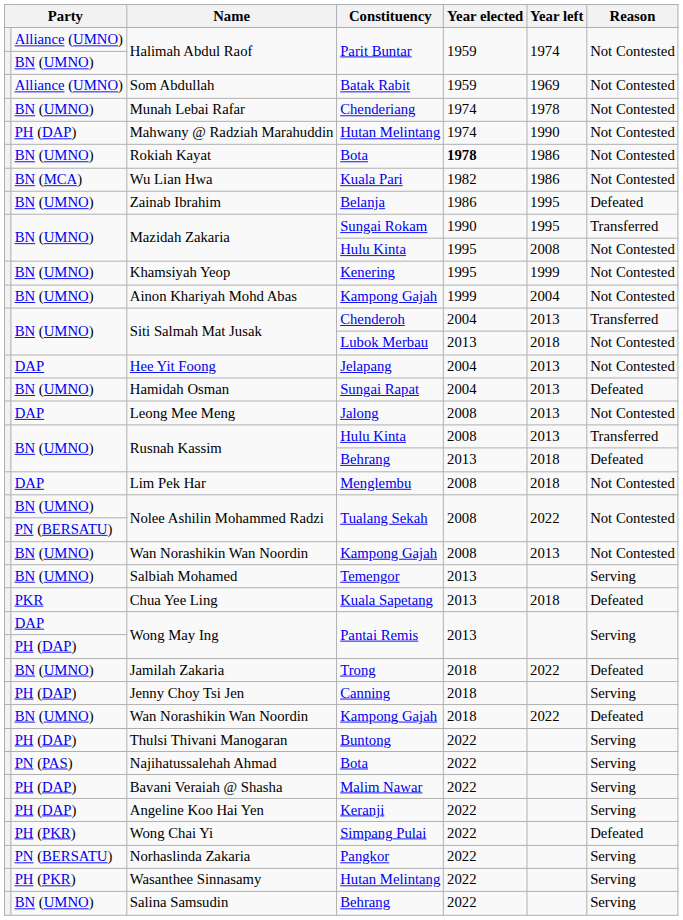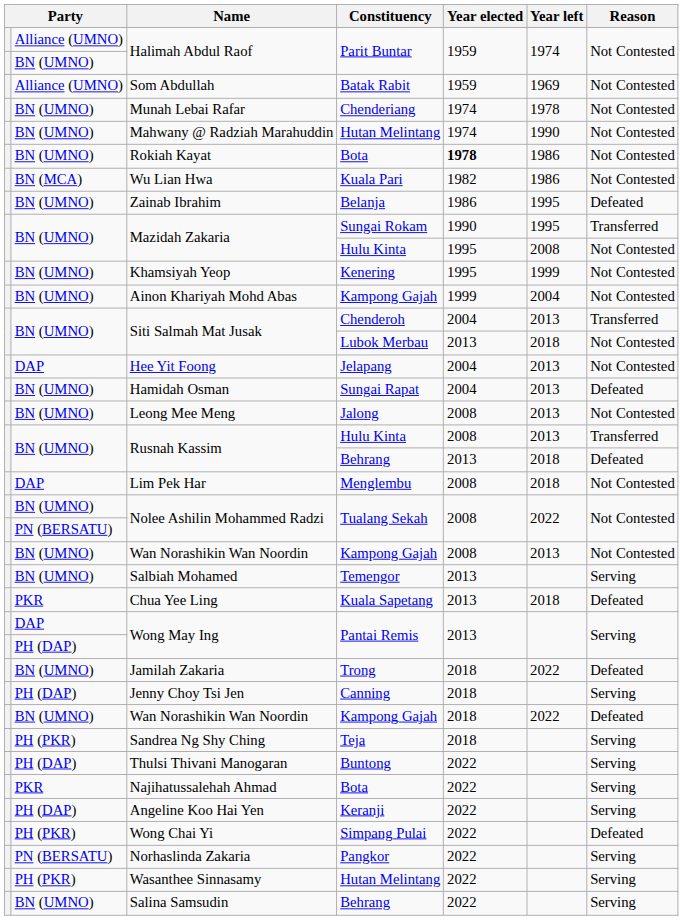 <table class="wikitable sortable">
 <tr>
 <th colspan=2>Party</th>
 <th>Name</th>
 <th>Constituency</th>
 <th>Year elected</th>
 <th>Year left</th>
 <th>Reason</th>
 </tr>
 <tr>
 <th style="background-color: "></th>
 <td><a href='#'>Alliance</a> (<a href='#'>UMNO</a>)</td>
 <td rowspan=2>Halimah Abdul Raof</td>
 <td rowspan=2><a href='#'>Parit Buntar</a></td>
 <td rowspan=2>1959</td>
 <td rowspan=2>1974</td>
 <td rowspan=2>Not Contested</td>
 </tr>
 <tr>
 <th style="background-color: "></th>
 <td><a href='#'>BN</a> (<a href='#'>UMNO</a>)</td>
 </tr>
 <tr>
 <th style="background-color: "></th>
 <td><a href='#'>Alliance</a> (<a href='#'>UMNO</a>)</td>
 <td>Som Abdullah</td>
 <td><a href='#'>Batak Rabit</a></td>
 <td>1959</td>
 <td>1969</td>
 <td>Not Contested</td>
 </tr>
 <tr>
 <th style="background-color: "></th>
 <td><a href='#'>BN</a> (<a href='#'>UMNO</a>)</td>
 <td>Munah Lebai Rafar</td>
 <td><a href='#'>Chenderiang</a></td>
 <td>1974</td>
 <td>1978</td>
 <td>Not Contested</td>
 </tr>
 <tr>
 <th style="background-color: "></th>
-<td><a href='#'>PH</a> (<a href='#'>DAP</a>)</td>
+<td><a href='#'>BN</a> (<a href='#'>UMNO</a>)</td>
 <td>Mahwany @ Radziah Marahuddin</td>
 <td><a href='#'>Hutan Melintang</a></td>
 <td>1974</td>
 <td>1990</td>
 <td>Not Contested</td>
 </tr>
 <tr>
 <th style="background-color: "></th>
 <td><a href='#'>BN</a> (<a href='#'>UMNO</a>)</td>
 <td>Rokiah Kayat</td>
 <td><a href='#'>Bota</a></td>
 <td><strong>1978</strong></td>
 <td>1986</td>
 <td>Not Contested</td>
 </tr>
 <tr>
 <th style="background-color: "></th>
 <td><a href='#'>BN</a> (<a href='#'>MCA</a>)</td>
 <td>Wu Lian Hwa</td>
 <td><a href='#'>Kuala Pari</a></td>
 <td>1982</td>
 <td>1986</td>
 <td>Not Contested</td>
 </tr>
 <tr>
 <th style="background-color: "></th>
 <td><a href='#'>BN</a> (<a href='#'>UMNO</a>)</td>
 <td>Zainab Ibrahim</td>
 <td><a href='#'>Belanja</a></td>
 <td>1986</td>
 <td>1995</td>
 <td>Defeated</td>
 </tr>
 <tr>
 <th rowspan=2 style="background-color: "></th>
 <td rowspan=2><a href='#'>BN</a> (<a href='#'>UMNO</a>)</td>
 <td rowspan=2>Mazidah Zakaria</td>
 <td><a href='#'>Sungai Rokam</a></td>
 <td>1990</td>
 <td>1995</td>
 <td>Transferred</td>
 </tr>
 <tr>
 <td><a href='#'>Hulu Kinta</a></td>
 <td>1995</td>
 <td>2008</td>
 <td>Not Contested</td>
 </tr>
 <tr>
 <th style="background-color: "></th>
 <td><a href='#'>BN</a> (<a href='#'>UMNO</a>)</td>
 <td>Khamsiyah Yeop</td>
 <td><a href='#'>Kenering</a></td>
 <td>1995</td>
 <td>1999</td>
 <td>Not Contested</td>
 </tr>
 <tr>
 <th style="background-color: "></th>
 <td><a href='#'>BN</a> (<a href='#'>UMNO</a>)</td>
 <td>Ainon Khariyah Mohd Abas</td>
 <td><a href='#'>Kampong Gajah</a></td>
 <td>1999</td>
 <td>2004</td>
 <td>Not Contested</td>
 </tr>
 <tr>
 <th rowspan=2 style="background-color: "></th>
 <td rowspan=2><a href='#'>BN</a> (<a href='#'>UMNO</a>)</td>
 <td rowspan=2>Siti Salmah Mat Jusak</td>
 <td><a href='#'>Chenderoh</a></td>
 <td>2004</td>
 <td>2013</td>
 <td>Transferred</td>
 </tr>
 <tr>
 <td><a href='#'>Lubok Merbau</a></td>
 <td>2013</td>
 <td>2018</td>
 <td>Not Contested</td>
 </tr>
 <tr>
 <th style="background-color: "></th>
 <td><a href='#'>DAP</a></td>
 <td><a href='#'>Hee Yit Foong</a></td>
 <td><a href='#'>Jelapang</a></td>
 <td>2004</td>
 <td>2013</td>
 <td>Not Contested</td>
 </tr>
 <tr>
 <th style="background-color: "></th>
 <td><a href='#'>BN</a> (<a href='#'>UMNO</a>)</td>
 <td>Hamidah Osman</td>
 <td><a href='#'>Sungai Rapat</a></td>
 <td>2004</td>
 <td>2013</td>
 <td>Defeated</td>
 </tr>
 <tr>
 <th style="background-color: "></th>
-<td><a href='#'>DAP</a></td>
+<td><a href='#'>BN</a> (<a href='#'>UMNO</a>)</td>
 <td>Leong Mee Meng</td>
 <td><a href='#'>Jalong</a></td>
 <td>2008</td>
 <td>2013</td>
 <td>Not Contested</td>
 </tr>
 <tr>
 <th rowspan=2 style="background-color: "></th>
 <td rowspan=2><a href='#'>BN</a> (<a href='#'>UMNO</a>)</td>
 <td rowspan=2>Rusnah Kassim</td>
 <td><a href='#'>Hulu Kinta</a></td>
 <td>2008</td>
 <td>2013</td>
 <td>Transferred</td>
 </tr>
 <tr>
 <td><a href='#'>Behrang</a></td>
 <td>2013</td>
 <td>2018</td>
 <td>Defeated</td>
 </tr>
 <tr>
 <th style="background-color: "></th>
 <td><a href='#'>DAP</a></td>
 <td>Lim Pek Har</td>
 <td><a href='#'>Menglembu</a></td>
 <td>2008</td>
 <td>2018</td>
 <td>Not Contested</td>
 </tr>
 <tr>
 <th style="background-color: "></th>
 <td><a href='#'>BN</a> (<a href='#'>UMNO</a>)</td>
 <td rowspan="2">Nolee Ashilin Mohammed Radzi</td>
 <td rowspan="2"><a href='#'>Tualang Sekah</a></td>
 <td rowspan="2">2008</td>
 <td rowspan="2">2022</td>
 <td rowspan="2">Not Contested</td>
 </tr>
 <tr>
 <th style="background-color: "></th>
 <td><a href='#'>PN</a> (<a href='#'>BERSATU</a>)</td>
 </tr>
 <tr>
 <th style="background-color: "></th>
 <td><a href='#'>BN</a> (<a href='#'>UMNO</a>)</td>
 <td>Wan Norashikin Wan Noordin</td>
 <td><a href='#'>Kampong Gajah</a></td>
 <td>2008</td>
 <td>2013</td>
 <td>Not Contested</td>
 </tr>
 <tr>
 <th style="background-color: "></th>
 <td><a href='#'>BN</a> (<a href='#'>UMNO</a>)</td>
 <td>Salbiah Mohamed</td>
 <td><a href='#'>Temengor</a></td>
 <td>2013</td>
 <td></td>
 <td>Serving</td>
 </tr>
 <tr>
 <th style="background-color: "></th>
 <td><a href='#'>PKR</a></td>
 <td>Chua Yee Ling</td>
 <td><a href='#'>Kuala Sapetang</a></td>
 <td>2013</td>
 <td>2018</td>
 <td>Defeated</td>
 </tr>
 <tr>
 <th style="background-color: "></th>
 <td><a href='#'>DAP</a></td>
 <td rowspan=2>Wong May Ing</td>
 <td rowspan=2><a href='#'>Pantai Remis</a></td>
 <td rowspan=2>2013</td>
 <td rowspan=2></td>
 <td rowspan=2>Serving</td>
 </tr>
 <tr>
 <th style="background-color: "></th>
 <td><a href='#'>PH</a> (<a href='#'>DAP</a>)</td>
 </tr>
 <tr>
 <th style="background-color: "></th>
 <td><a href='#'>BN</a> (<a href='#'>UMNO</a>)</td>
 <td>Jamilah Zakaria</td>
 <td><a href='#'>Trong</a></td>
 <td>2018</td>
 <td>2022</td>
 <td>Defeated</td>
 </tr>
 <tr>
 <th style="background-color: "></th>
 <td><a href='#'>PH</a> (<a href='#'>DAP</a>)</td>
 <td>Jenny Choy Tsi Jen</td>
 <td><a href='#'>Canning</a></td>
 <td>2018</td>
 <td></td>
 <td>Serving</td>
 </tr>
 <tr>
 <th style="background-color: "></th>
 <td><a href='#'>BN</a> (<a href='#'>UMNO</a>)</td>
 <td>Wan Norashikin Wan Noordin</td>
 <td><a href='#'>Kampong Gajah</a></td>
 <td>2018</td>
 <td>2022</td>
 <td>Defeated</td>
 </tr>
 <tr>
 <th style="background-color: "></th>
+<td><a href='#'>PH</a> (<a href='#'>PKR</a>)</td>
+<td>Sandrea Ng Shy Ching</td>
+<td><a href='#'>Teja</a></td>
+<td>2018</td>
+<td></td>
+<td>Serving</td>
+</tr>
+<tr>
+<th style="background-color: "></th>
 <td><a href='#'>PH</a> (<a href='#'>DAP</a>)</td>
 <td>Thulsi Thivani Manogaran</td>
 <td><a href='#'>Buntong</a></td>
 <td>2022</td>
 <td></td>
 <td>Serving</td>
 </tr>
 <tr>
 <th style="background-color: "></th>
-<td><a href='#'>PN</a> (<a href='#'>PAS</a>)</td>
+<td><a href='#'>PKR</a></td>
 <td>Najihatussalehah Ahmad</td>
 <td><a href='#'>Bota</a></td>
-<td>2022</td>
-<td></td>
-<td>Serving</td>
-</tr>
-<tr>
-<th style="background-color: "></th>
-<td><a href='#'>PH</a> (<a href='#'>DAP</a>)</td>
-<td>Bavani Veraiah @ Shasha</td>
-<td><a href='#'>Malim Nawar</a></td>
 <td>2022</td>
 <td></td>
 <td>Serving</td>
 </tr>
 <tr>
 <th style="background-color: "></th>
 <td><a href='#'>PH</a> (<a href='#'>DAP</a>)</td>
 <td>Angeline Koo Hai Yen</td>
 <td><a href='#'>Keranji</a></td>
 <td>2022</td>
 <td></td>
 <td>Serving</td>
 </tr>
 <tr>
 <th style="background-color: "></th>
 <td><a href='#'>PH</a> (<a href='#'>PKR</a>)</td>
 <td>Wong Chai Yi</td>
 <td><a href='#'>Simpang Pulai</a></td>
 <td>2022</td>
 <td></td>
 <td>Defeated</td>
 </tr>
 <tr>
 <th style="background-color: "></th>
 <td><a href='#'>PN</a> (<a href='#'>BERSATU</a>)</td>
 <td>Norhaslinda Zakaria</td>
 <td><a href='#'>Pangkor</a></td>
 <td>2022</td>
 <td></td>
 <td>Serving</td>
 </tr>
 <tr>
 <th style="background-color: "></th>
 <td><a href='#'>PH</a> (<a href='#'>PKR</a>)</td>
 <td>Wasanthee Sinnasamy</td>
 <td><a href='#'>Hutan Melintang</a></td>
 <td>2022</td>
 <td></td>
 <td>Serving</td>
 </tr>
 <tr>
 <th style="background-color: "></th>
 <td><a href='#'>BN</a> (<a href='#'>UMNO</a>)</td>
 <td>Salina Samsudin</td>
 <td><a href='#'>Behrang</a></td>
 <td>2022</td>
 <td></td>
 <td>Serving</td>
 </tr>
 </table>
